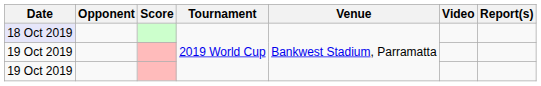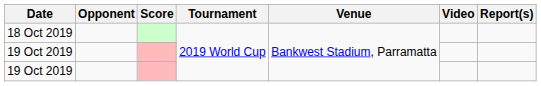 <table class=wikitable>
 <tr>
 <th>Date</th>
 <th>Opponent</th>
 <th>Score</th>
 <th>Tournament</th>
 <th>Venue</th>
 <th>Video</th>
 <th>Report(s)</th>
 </tr>
 <tr>
-<td style="background: lavender;">18 Oct 2019</td>
+<td>18 Oct 2019</td>
 <td></td>
 <td bgcolor="#CCFFCC"></td>
 <td rowspan=3><a href='#'>2019 World Cup</a></td>
 <td rowspan=3> <a href='#'>Bankwest Stadium</a>, Parramatta</td>
 <td style="text-align:center;"></td>
 <td style="text-align:center;"></td>
 </tr>
 <tr>
 <td>19 Oct 2019</td>
 <td></td>
 <td bgcolor="#FFBBBB"></td>
 <td style="text-align:center;"></td>
 <td style="text-align:center;"></td>
 </tr>
 <tr>
 <td>19 Oct 2019</td>
 <td></td>
 <td bgcolor="#FFBBBB"></td>
 <td style="text-align:center;"></td>
 <td style="text-align:center;"></td>
 </tr>
 </table>
